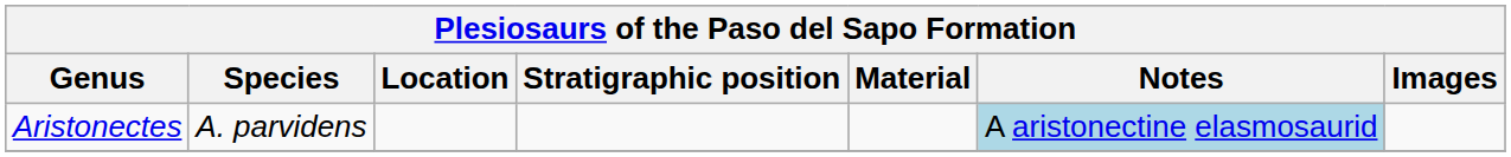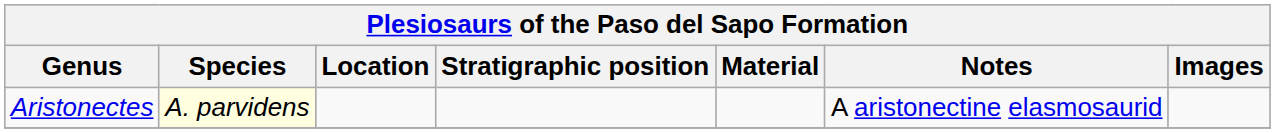 <table class="wikitable" align="center">
 <tr>
 <th colspan="7" align="center"><a href='#'>Plesiosaurs</a> of the Paso del Sapo Formation</th>
 </tr>
 <tr>
 <th>Genus</th>
 <th>Species</th>
 <th>Location</th>
 <th>Stratigraphic position</th>
 <th>Material</th>
 <th>Notes</th>
 <th>Images</th>
 </tr>
 <tr>
 <td><em><a href='#'>Aristonectes</a></em></td>
-<td><em>A. parvidens</em></td>
+<td style="background: lightyellow;"><em>A. parvidens</em></td>
 <td></td>
 <td></td>
 <td></td>
-<td style="background: lightblue;">A <a href='#'>aristonectine</a> <a href='#'>elasmosaurid</a></td>
+<td>A <a href='#'>aristonectine</a> <a href='#'>elasmosaurid</a></td>
 <td></td>
 </tr>
 <tr>
 </tr>
 </table>
